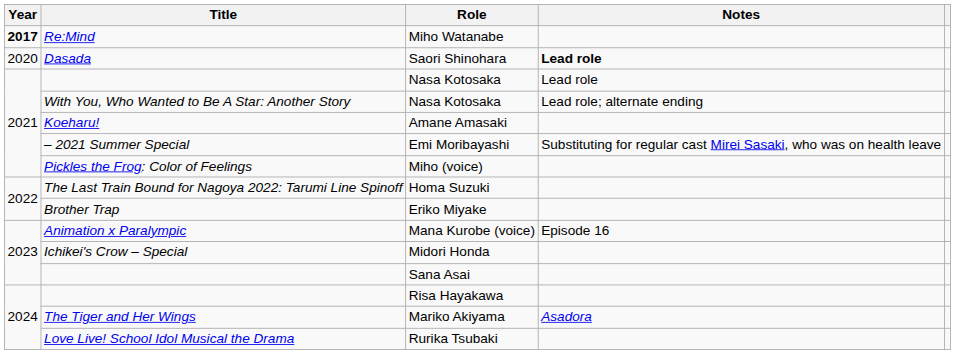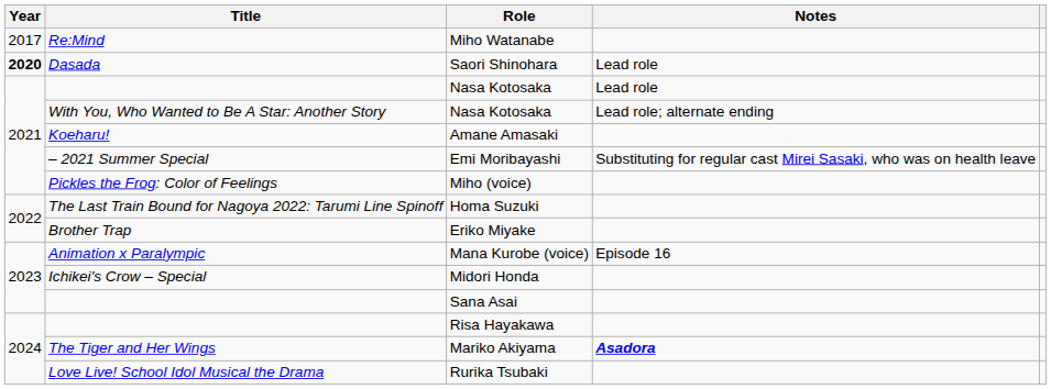 <table class="wikitable sortable">
 <tr>
 <th>Year</th>
 <th>Title</th>
 <th>Role</th>
 <th>Notes</th>
 <th class="unsortable"></th>
 </tr>
 <tr>
-<td><strong>2017</strong></td>
+<td>2017</td>
 <td><em><a href='#'>Re:Mind</a></em></td>
 <td>Miho Watanabe</td>
 <td></td>
 <td></td>
 </tr>
 <tr>
-<td>2020</td>
+<td><strong>2020</strong></td>
 <td><a href='#'><em>Dasada</em></a></td>
 <td>Saori Shinohara</td>
-<td><strong>Lead role</strong></td>
+<td>Lead role</td>
 <td></td>
 </tr>
 <tr>
 <td rowspan="5">2021</td>
 <td><em></em></td>
 <td>Nasa Kotosaka</td>
 <td>Lead role</td>
 <td></td>
 </tr>
 <tr>
 <td><em>With You, Who Wanted to Be A Star: Another Story</em></td>
 <td>Nasa Kotosaka</td>
 <td>Lead role; alternate ending</td>
 <td></td>
 </tr>
 <tr>
 <td><em><a href='#'>Koeharu!</a></em></td>
 <td>Amane Amasaki</td>
 <td></td>
 <td></td>
 </tr>
 <tr>
 <td><em> – 2021 Summer Special</em></td>
 <td>Emi Moribayashi</td>
 <td>Substituting for regular cast <a href='#'>Mirei Sasaki</a>, who was on health leave</td>
 <td></td>
 </tr>
 <tr>
 <td><em><a href='#'>Pickles the Frog</a>: Color of Feelings</em></td>
 <td>Miho (voice)</td>
 <td></td>
 <td></td>
 </tr>
 <tr>
 <td rowspan="2">2022</td>
 <td><em>The Last Train Bound for Nagoya 2022: Tarumi Line Spinoff</em></td>
 <td>Homa Suzuki</td>
 <td></td>
 <td></td>
 </tr>
 <tr>
 <td><em>Brother Trap</em></td>
 <td>Eriko Miyake</td>
 <td></td>
 <td></td>
 </tr>
 <tr>
 <td rowspan="3">2023</td>
 <td><em><a href='#'>Animation x Paralympic</a></em></td>
 <td>Mana Kurobe (voice)</td>
 <td>Episode 16</td>
 <td></td>
 </tr>
 <tr>
 <td><em>Ichikei's Crow – Special</em></td>
 <td>Midori Honda</td>
 <td></td>
 <td></td>
 </tr>
 <tr>
 <td><em></em></td>
 <td>Sana Asai</td>
 <td></td>
 <td></td>
 </tr>
 <tr>
 <td rowspan="3">2024</td>
 <td></td>
 <td>Risa Hayakawa</td>
 <td></td>
 <td></td>
 </tr>
 <tr>
 <td><em><a href='#'>The Tiger and Her Wings</a></em></td>
 <td>Mariko Akiyama</td>
-<td><em><a href='#'>Asadora</a></em></td>
+<td><strong><em><a href='#'>Asadora</a></em></strong></td>
 <td></td>
 </tr>
 <tr>
 <td><em><a href='#'>Love Live! School Idol Musical the Drama</a></em></td>
 <td>Rurika Tsubaki</td>
 <td></td>
 <td></td>
 </tr>
 </table>
